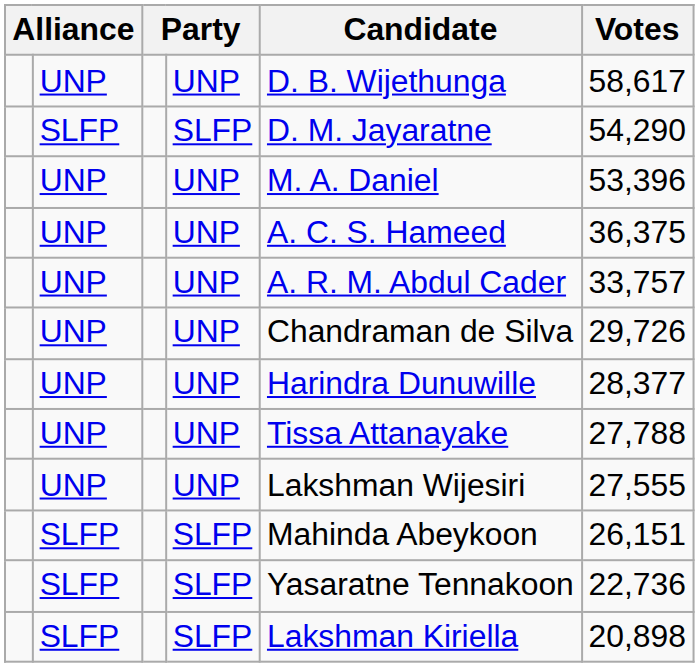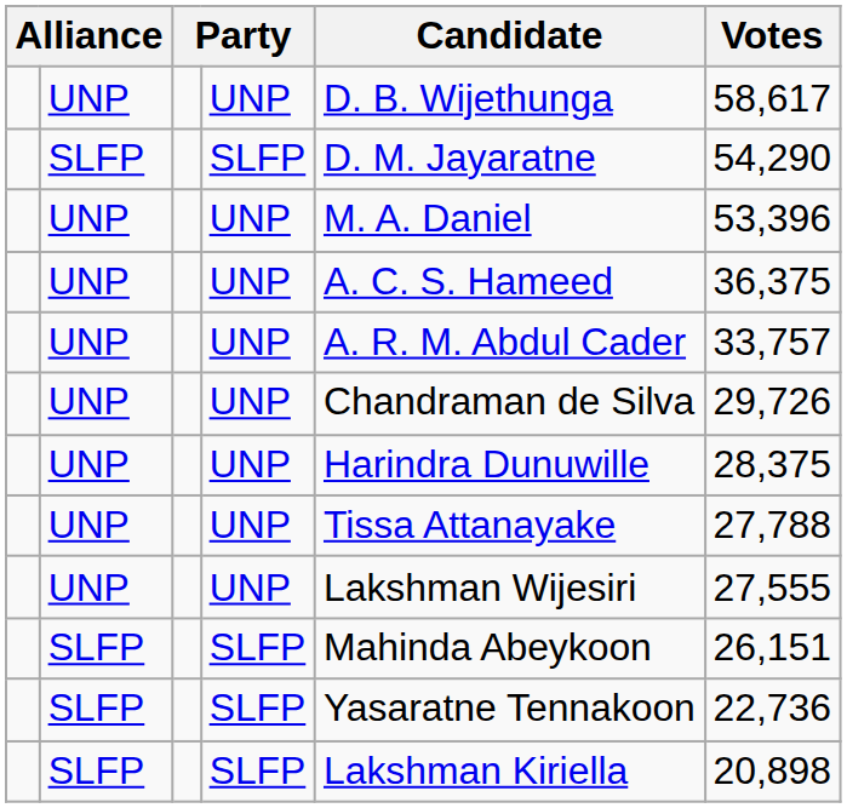 <table class="wikitable sortable mw-collapsible">
 <tr>
 <th colspan="2">Alliance</th>
 <th colspan="2">Party</th>
 <th>Candidate</th>
 <th>Votes</th>
 </tr>
 <tr>
 <td bgcolor=> </td>
 <td align=left><a href='#'>UNP</a></td>
 <td bgcolor=> </td>
 <td align=left><a href='#'>UNP</a></td>
 <td><a href='#'>D. B. Wijethunga</a></td>
 <td>58,617</td>
 </tr>
 <tr>
 <td bgcolor=> </td>
 <td align=left><a href='#'>SLFP</a></td>
 <td bgcolor=> </td>
 <td align=left><a href='#'>SLFP</a></td>
 <td><a href='#'>D. M. Jayaratne</a></td>
 <td>54,290</td>
 </tr>
 <tr>
 <td bgcolor=> </td>
 <td align=left><a href='#'>UNP</a></td>
 <td bgcolor=> </td>
 <td align=left><a href='#'>UNP</a></td>
 <td><a href='#'>M. A. Daniel</a></td>
 <td>53,396</td>
 </tr>
 <tr>
 <td bgcolor=> </td>
 <td align=left><a href='#'>UNP</a></td>
 <td bgcolor=> </td>
 <td align=left><a href='#'>UNP</a></td>
 <td><a href='#'>A. C. S. Hameed</a></td>
 <td>36,375</td>
 </tr>
 <tr>
 <td bgcolor=> </td>
 <td align=left><a href='#'>UNP</a></td>
 <td bgcolor=> </td>
 <td align=left><a href='#'>UNP</a></td>
 <td><a href='#'>A. R. M. Abdul Cader</a></td>
 <td>33,757</td>
 </tr>
 <tr>
 <td bgcolor=> </td>
 <td align=left><a href='#'>UNP</a></td>
 <td bgcolor=> </td>
 <td align=left><a href='#'>UNP</a></td>
 <td>Chandraman de Silva</td>
 <td>29,726</td>
 </tr>
 <tr>
 <td bgcolor=> </td>
 <td align=left><a href='#'>UNP</a></td>
 <td bgcolor=> </td>
 <td align=left><a href='#'>UNP</a></td>
 <td><a href='#'>Harindra Dunuwille</a></td>
-<td>28,377</td>
+<td>28,375</td>
 </tr>
 <tr>
 <td bgcolor=> </td>
 <td align=left><a href='#'>UNP</a></td>
 <td bgcolor=> </td>
 <td align=left><a href='#'>UNP</a></td>
 <td><a href='#'>Tissa Attanayake</a></td>
 <td>27,788</td>
 </tr>
 <tr>
 <td bgcolor=> </td>
 <td align=left><a href='#'>UNP</a></td>
 <td bgcolor=> </td>
 <td align=left><a href='#'>UNP</a></td>
 <td>Lakshman Wijesiri</td>
 <td>27,555</td>
 </tr>
 <tr>
 <td bgcolor=> </td>
 <td align=left><a href='#'>SLFP</a></td>
 <td bgcolor=> </td>
 <td align=left><a href='#'>SLFP</a></td>
 <td>Mahinda Abeykoon</td>
 <td>26,151</td>
 </tr>
 <tr>
 <td bgcolor=> </td>
 <td align=left><a href='#'>SLFP</a></td>
 <td bgcolor=> </td>
 <td align=left><a href='#'>SLFP</a></td>
 <td>Yasaratne Tennakoon</td>
 <td>22,736</td>
 </tr>
 <tr>
 <td bgcolor=> </td>
 <td align=left><a href='#'>SLFP</a></td>
 <td bgcolor=> </td>
 <td align=left><a href='#'>SLFP</a></td>
 <td><a href='#'>Lakshman Kiriella</a></td>
 <td>20,898</td>
 </tr>
 </table>
